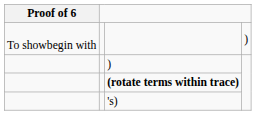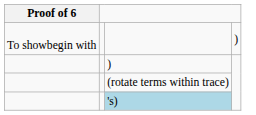 <table class="wikitable collapsible collapsed">
 <tr>
 <th>Proof of 6</th>
 </tr>
 <tr>
 <td><br>To showbegin with</td>
 <td></td>
 <td></td>
 <td>)</td>
 </tr>
 <tr>
 <td></td>
 <td></td>
 <td>)</td>
 </tr>
 <tr>
 <td></td>
 <td></td>
-<td><strong>(rotate terms within trace)</strong></td>
+<td>(rotate terms within trace)</td>
 </tr>
 <tr>
 <td></td>
 <td></td>
-<td>'s)</td>
+<td style="background: lightblue;">'s)</td>
 </tr>
 </table>
